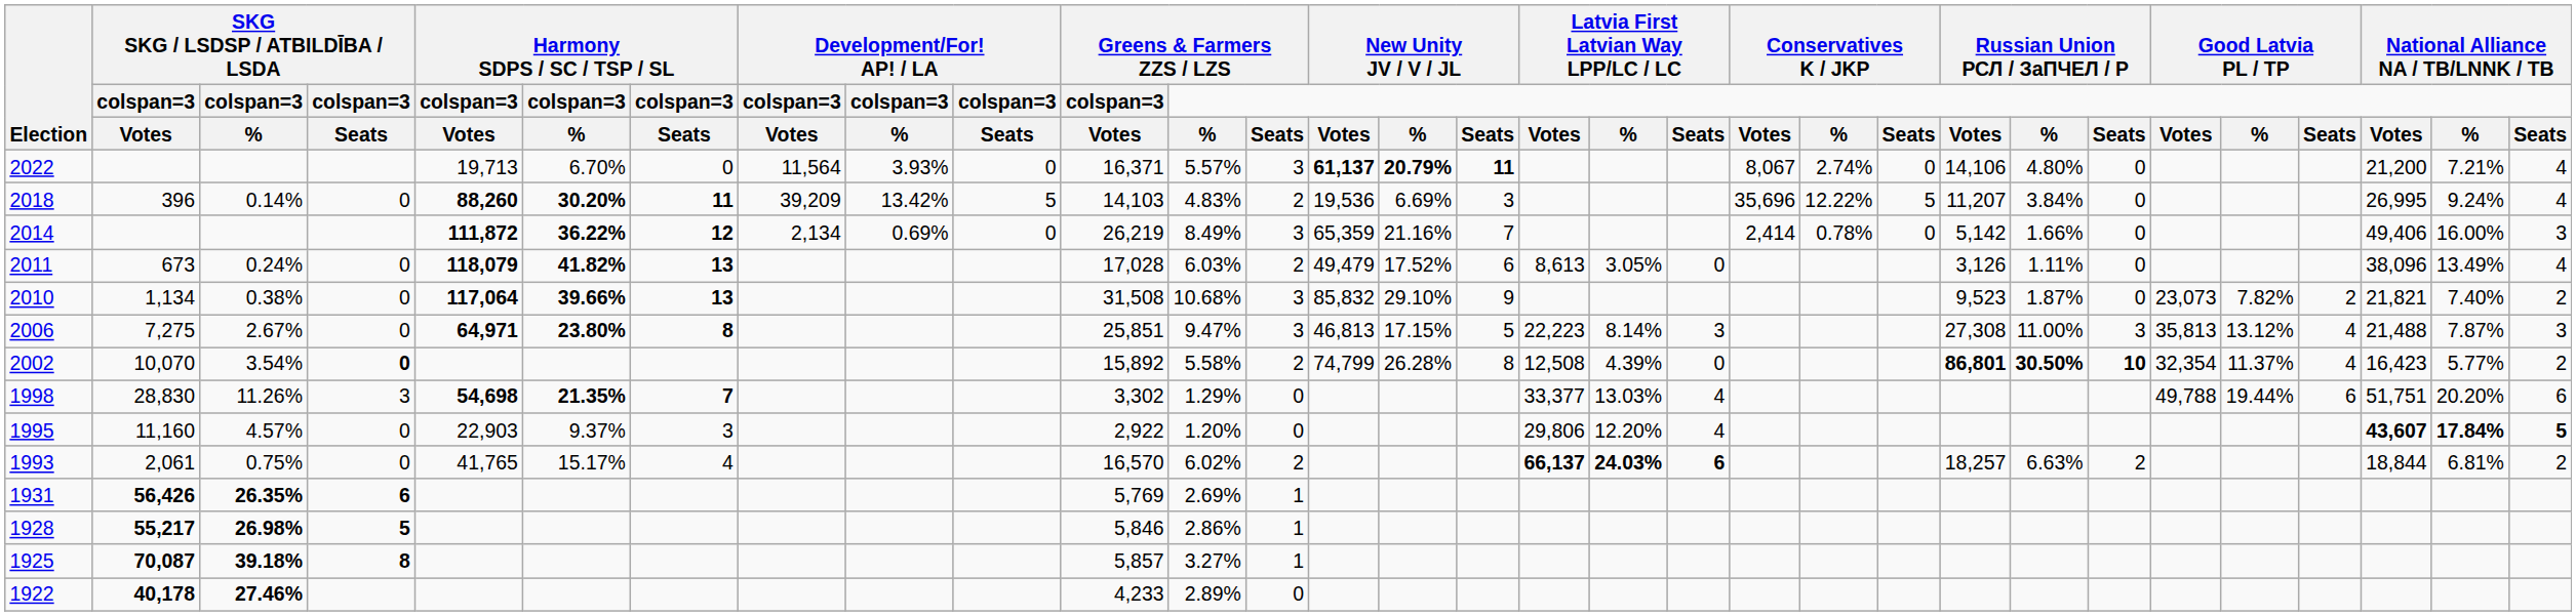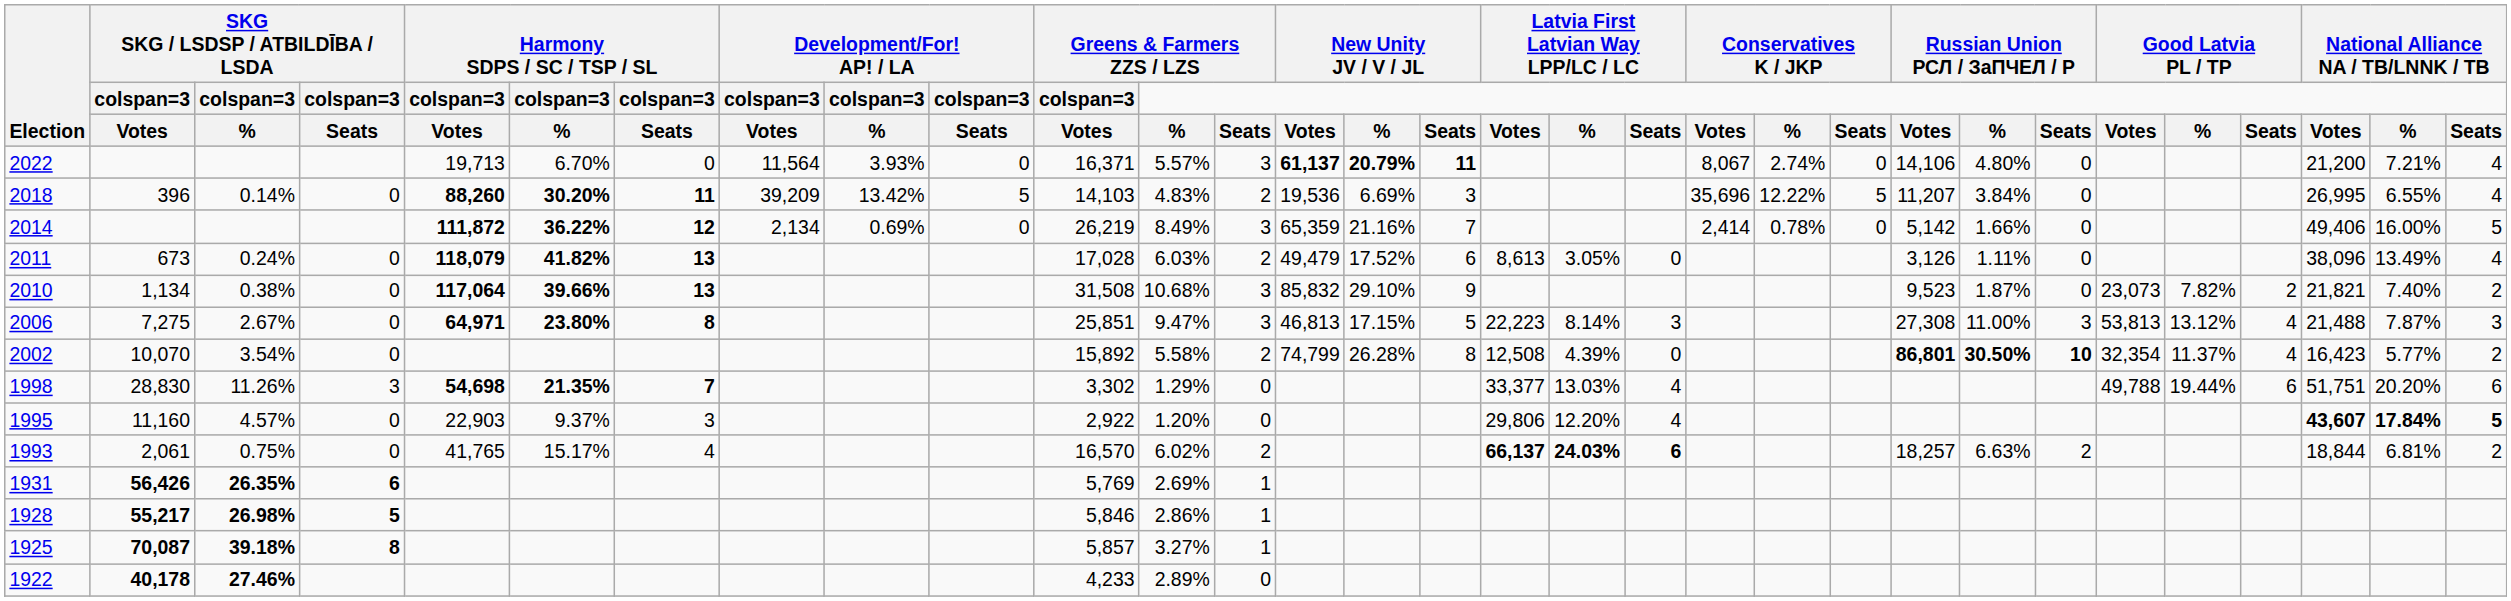 <table class="wikitable" border="1" style="font-size:80%; text-align:right;">
 <tr>
 <th style="text-align:left;" valign=bottom rowspan=3>Election</th>
 <th valign=bottom colspan=3><a href='#'>SKG</a><br>SKG / LSDSP / ATBILDĪBA / LSDA</th>
 <th valign=bottom colspan=3><a href='#'>Harmony</a><br>SDPS / SC / TSP / SL</th>
 <th valign=bottom colspan=3><a href='#'>Development/For!</a><br>AP! / LA</th>
 <th valign=bottom colspan=3><a href='#'>Greens & Farmers</a><br>ZZS / LZS</th>
 <th valign=bottom colspan=3><a href='#'>New Unity</a><br>JV / V / JL</th>
 <th valign=bottom colspan=3><a href='#'>Latvia First<br>Latvian Way</a><br>LPP/LC / LC</th>
 <th valign=bottom colspan=3><a href='#'>Conservatives</a><br>K / JKP</th>
 <th valign=bottom colspan=3><a href='#'>Russian Union</a><br>РСЛ / ЗаПЧЕЛ / P</th>
 <th valign=bottom colspan=3><a href='#'>Good Latvia</a><br>PL / TP</th>
 <th valign=bottom colspan=3><a href='#'>National Alliance</a><br>NA / TB/LNNK / TB</th>
 </tr>
 <tr>
 <th>colspan=3 </th>
 <th>colspan=3 </th>
 <th>colspan=3 </th>
 <th>colspan=3 </th>
 <th>colspan=3 </th>
 <th>colspan=3 </th>
 <th>colspan=3 </th>
 <th>colspan=3 </th>
 <th>colspan=3 </th>
 <th>colspan=3 </th>
 </tr>
 <tr>
 <th>Votes</th>
 <th>%</th>
 <th>Seats</th>
 <th>Votes</th>
 <th>%</th>
 <th>Seats</th>
 <th>Votes</th>
 <th>%</th>
 <th>Seats</th>
 <th>Votes</th>
 <th>%</th>
 <th>Seats</th>
 <th>Votes</th>
 <th>%</th>
 <th>Seats</th>
 <th>Votes</th>
 <th>%</th>
 <th>Seats</th>
 <th>Votes</th>
 <th>%</th>
 <th>Seats</th>
 <th>Votes</th>
 <th>%</th>
 <th>Seats</th>
 <th>Votes</th>
 <th>%</th>
 <th>Seats</th>
 <th>Votes</th>
 <th>%</th>
 <th>Seats</th>
 </tr>
 <tr>
 <td align=left><a href='#'>2022</a></td>
 <td></td>
 <td></td>
 <td></td>
 <td>19,713</td>
 <td>6.70%</td>
 <td>0</td>
 <td>11,564</td>
 <td>3.93%</td>
 <td>0</td>
 <td>16,371</td>
 <td>5.57%</td>
 <td>3</td>
 <td><strong>61,137</strong></td>
 <td><strong>20.79%</strong></td>
 <td><strong>11</strong></td>
 <td></td>
 <td></td>
 <td></td>
 <td>8,067</td>
 <td>2.74%</td>
 <td>0</td>
 <td>14,106</td>
 <td>4.80%</td>
 <td>0</td>
 <td></td>
 <td></td>
 <td></td>
 <td>21,200</td>
 <td>7.21%</td>
 <td>4</td>
 </tr>
 <tr>
 <td align=left><a href='#'>2018</a></td>
 <td>396</td>
 <td>0.14%</td>
 <td>0</td>
 <td><strong>88,260</strong></td>
 <td><strong>30.20%</strong></td>
 <td><strong>11</strong></td>
 <td>39,209</td>
 <td>13.42%</td>
 <td>5</td>
 <td>14,103</td>
 <td>4.83%</td>
 <td>2</td>
 <td>19,536</td>
 <td>6.69%</td>
 <td>3</td>
 <td></td>
 <td></td>
 <td></td>
 <td>35,696</td>
 <td>12.22%</td>
 <td>5</td>
 <td>11,207</td>
 <td>3.84%</td>
 <td>0</td>
 <td></td>
 <td></td>
 <td></td>
 <td>26,995</td>
-<td>9.24%</td>
+<td>6.55%</td>
 <td>4</td>
 </tr>
 <tr>
 <td align=left><a href='#'>2014</a></td>
 <td></td>
 <td></td>
 <td></td>
 <td><strong>111,872</strong></td>
 <td><strong>36.22%</strong></td>
 <td><strong>12</strong></td>
 <td>2,134</td>
 <td>0.69%</td>
 <td>0</td>
 <td>26,219</td>
 <td>8.49%</td>
 <td>3</td>
 <td>65,359</td>
 <td>21.16%</td>
 <td>7</td>
 <td></td>
 <td></td>
 <td></td>
 <td>2,414</td>
 <td>0.78%</td>
 <td>0</td>
 <td>5,142</td>
 <td>1.66%</td>
 <td>0</td>
 <td></td>
 <td></td>
 <td></td>
 <td>49,406</td>
 <td>16.00%</td>
-<td>3</td>
+<td>5</td>
 </tr>
 <tr>
 <td align=left><a href='#'>2011</a></td>
 <td>673</td>
 <td>0.24%</td>
 <td>0</td>
 <td><strong>118,079</strong></td>
 <td><strong>41.82%</strong></td>
 <td><strong>13</strong></td>
 <td></td>
 <td></td>
 <td></td>
 <td>17,028</td>
 <td>6.03%</td>
 <td>2</td>
 <td>49,479</td>
 <td>17.52%</td>
 <td>6</td>
 <td>8,613</td>
 <td>3.05%</td>
 <td>0</td>
 <td></td>
 <td></td>
 <td></td>
 <td>3,126</td>
 <td>1.11%</td>
 <td>0</td>
 <td></td>
 <td></td>
 <td></td>
 <td>38,096</td>
 <td>13.49%</td>
 <td>4</td>
 </tr>
 <tr>
 <td align=left><a href='#'>2010</a></td>
 <td>1,134</td>
 <td>0.38%</td>
 <td>0</td>
 <td><strong>117,064</strong></td>
 <td><strong>39.66%</strong></td>
 <td><strong>13</strong></td>
 <td></td>
 <td></td>
 <td></td>
 <td>31,508</td>
 <td>10.68%</td>
 <td>3</td>
 <td>85,832</td>
 <td>29.10%</td>
 <td>9</td>
 <td></td>
 <td></td>
 <td></td>
 <td></td>
 <td></td>
 <td></td>
 <td>9,523</td>
 <td>1.87%</td>
 <td>0</td>
 <td>23,073</td>
 <td>7.82%</td>
 <td>2</td>
 <td>21,821</td>
 <td>7.40%</td>
 <td>2</td>
 </tr>
 <tr>
 <td align=left><a href='#'>2006</a></td>
 <td>7,275</td>
 <td>2.67%</td>
 <td>0</td>
 <td><strong>64,971</strong></td>
 <td><strong>23.80%</strong></td>
 <td><strong>8</strong></td>
 <td></td>
 <td></td>
 <td></td>
 <td>25,851</td>
 <td>9.47%</td>
 <td>3</td>
 <td>46,813</td>
 <td>17.15%</td>
 <td>5</td>
 <td>22,223</td>
 <td>8.14%</td>
 <td>3</td>
 <td></td>
 <td></td>
 <td></td>
 <td>27,308</td>
 <td>11.00%</td>
 <td>3</td>
-<td>35,813</td>
+<td>53,813</td>
 <td>13.12%</td>
 <td>4</td>
 <td>21,488</td>
 <td>7.87%</td>
 <td>3</td>
 </tr>
 <tr>
 <td align=left><a href='#'>2002</a></td>
 <td>10,070</td>
 <td>3.54%</td>
-<td><strong>0</strong></td>
+<td>0</td>
 <td></td>
 <td></td>
 <td></td>
 <td></td>
 <td></td>
 <td></td>
 <td>15,892</td>
 <td>5.58%</td>
 <td>2</td>
 <td>74,799</td>
 <td>26.28%</td>
 <td>8</td>
 <td>12,508</td>
 <td>4.39%</td>
 <td>0</td>
 <td></td>
 <td></td>
 <td></td>
 <td><strong>86,801</strong></td>
 <td><strong>30.50%</strong></td>
 <td><strong>10</strong></td>
 <td>32,354</td>
 <td>11.37%</td>
 <td>4</td>
 <td>16,423</td>
 <td>5.77%</td>
 <td>2</td>
 </tr>
 <tr>
 <td align=left><a href='#'>1998</a></td>
 <td>28,830</td>
 <td>11.26%</td>
 <td>3</td>
 <td><strong>54,698</strong></td>
 <td><strong>21.35%</strong></td>
 <td><strong>7</strong></td>
 <td></td>
 <td></td>
 <td></td>
 <td>3,302</td>
 <td>1.29%</td>
 <td>0</td>
 <td></td>
 <td></td>
 <td></td>
 <td>33,377</td>
 <td>13.03%</td>
 <td>4</td>
 <td></td>
 <td></td>
 <td></td>
 <td></td>
 <td></td>
 <td></td>
 <td>49,788</td>
 <td>19.44%</td>
 <td>6</td>
 <td>51,751</td>
 <td>20.20%</td>
 <td>6</td>
 </tr>
 <tr>
 <td align=left><a href='#'>1995</a></td>
 <td>11,160</td>
 <td>4.57%</td>
 <td>0</td>
 <td>22,903</td>
 <td>9.37%</td>
 <td>3</td>
 <td></td>
 <td></td>
 <td></td>
 <td>2,922</td>
 <td>1.20%</td>
 <td>0</td>
 <td></td>
 <td></td>
 <td></td>
 <td>29,806</td>
 <td>12.20%</td>
 <td>4</td>
 <td></td>
 <td></td>
 <td></td>
 <td></td>
 <td></td>
 <td></td>
 <td></td>
 <td></td>
 <td></td>
 <td><strong>43,607</strong></td>
 <td><strong>17.84%</strong></td>
 <td><strong>5</strong></td>
 </tr>
 <tr>
 <td align=left><a href='#'>1993</a></td>
 <td>2,061</td>
 <td>0.75%</td>
 <td>0</td>
 <td>41,765</td>
 <td>15.17%</td>
 <td>4</td>
 <td></td>
 <td></td>
 <td></td>
 <td>16,570</td>
 <td>6.02%</td>
 <td>2</td>
 <td></td>
 <td></td>
 <td></td>
 <td><strong>66,137</strong></td>
 <td><strong>24.03%</strong></td>
 <td><strong>6</strong></td>
 <td></td>
 <td></td>
 <td></td>
 <td>18,257</td>
 <td>6.63%</td>
 <td>2</td>
 <td></td>
 <td></td>
 <td></td>
 <td>18,844</td>
 <td>6.81%</td>
 <td>2</td>
 </tr>
 <tr>
 <td align=left><a href='#'>1931</a></td>
 <td><strong>56,426</strong></td>
 <td><strong>26.35%</strong></td>
 <td><strong>6</strong></td>
 <td></td>
 <td></td>
 <td></td>
 <td></td>
 <td></td>
 <td></td>
 <td>5,769</td>
 <td>2.69%</td>
 <td>1</td>
 <td></td>
 <td></td>
 <td></td>
 <td></td>
 <td></td>
 <td></td>
 <td></td>
 <td></td>
 <td></td>
 <td></td>
 <td></td>
 <td></td>
 <td></td>
 <td></td>
 <td></td>
 <td></td>
 <td></td>
 <td></td>
 </tr>
 <tr>
 <td align=left><a href='#'>1928</a></td>
 <td><strong>55,217</strong></td>
 <td><strong>26.98%</strong></td>
 <td><strong>5</strong></td>
 <td></td>
 <td></td>
 <td></td>
 <td></td>
 <td></td>
 <td></td>
 <td>5,846</td>
 <td>2.86%</td>
 <td>1</td>
 <td></td>
 <td></td>
 <td></td>
 <td></td>
 <td></td>
 <td></td>
 <td></td>
 <td></td>
 <td></td>
 <td></td>
 <td></td>
 <td></td>
 <td></td>
 <td></td>
 <td></td>
 <td></td>
 <td></td>
 <td></td>
 </tr>
 <tr>
 <td align=left><a href='#'>1925</a></td>
 <td><strong>70,087</strong></td>
 <td><strong>39.18%</strong></td>
 <td><strong>8</strong></td>
 <td></td>
 <td></td>
 <td></td>
 <td></td>
 <td></td>
 <td></td>
 <td>5,857</td>
 <td>3.27%</td>
 <td>1</td>
 <td></td>
 <td></td>
 <td></td>
 <td></td>
 <td></td>
 <td></td>
 <td></td>
 <td></td>
 <td></td>
 <td></td>
 <td></td>
 <td></td>
 <td></td>
 <td></td>
 <td></td>
 <td></td>
 <td></td>
 <td></td>
 </tr>
 <tr>
 <td align=left><a href='#'>1922</a></td>
 <td><strong>40,178</strong></td>
 <td><strong>27.46%</strong></td>
 <td></td>
 <td></td>
 <td></td>
 <td></td>
 <td></td>
 <td></td>
 <td></td>
 <td>4,233</td>
 <td>2.89%</td>
 <td>0</td>
 <td></td>
 <td></td>
 <td></td>
 <td></td>
 <td></td>
 <td></td>
 <td></td>
 <td></td>
 <td></td>
 <td></td>
 <td></td>
 <td></td>
 <td></td>
 <td></td>
 <td></td>
 <td></td>
 <td></td>
 <td></td>
 </tr>
 </table>
